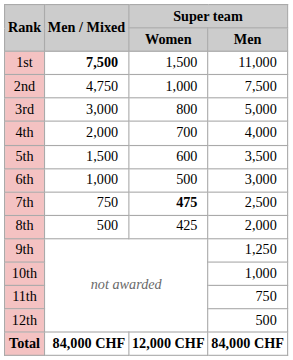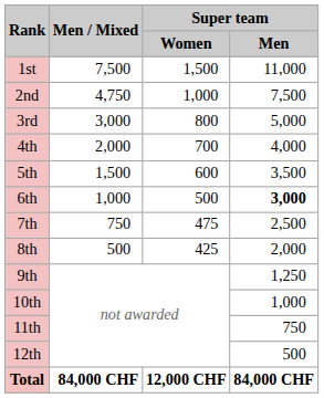 <table class="wikitable" style="background:#fff; font-size:80%">
 <tr style="background:#ccc; text-align:center;">
 <th rowspan="2" style="background:#ccc;">Rank</th>
 <th rowspan="2" style="background:#ccc;">Men / Mixed</th>
 <th colspan="2" style="background:#ccc;">Super team</th>
 </tr>
 <tr style="background:#ccc; text-align:center;">
 <th style="background:#ccc;">Women</th>
 <th style="background:#ccc;">Men</th>
 </tr>
 <tr>
 <td bgcolor=#F4C2C2 align=center>1st</td>
-<td align=right><strong>7,500  </strong></td>
+<td align=right>7,500  </td>
 <td align=right>1,500  </td>
 <td align=right>11,000  </td>
 </tr>
 <tr>
 <td bgcolor=#F4C2C2 align=center>2nd</td>
 <td align=right>4,750  </td>
 <td align=right>1,000  </td>
 <td align=right>7,500   </td>
 </tr>
 <tr>
 <td bgcolor=#F4C2C2 align=center>3rd</td>
 <td align=right>3,000  </td>
 <td align=right>800  </td>
 <td align=right>5,000  </td>
 </tr>
 <tr>
 <td bgcolor=#F4C2C2 align=center>4th</td>
 <td align=right>2,000  </td>
 <td align=right>700  </td>
 <td align=right>4,000  </td>
 </tr>
 <tr>
 <td bgcolor=#F4C2C2 align=center>5th</td>
 <td align=right>1,500  </td>
 <td align=right>600  </td>
 <td align=right>3,500  </td>
 </tr>
 <tr>
 <td bgcolor=#F4C2C2 align=center>6th</td>
 <td align=right>1,000  </td>
 <td align=right>500  </td>
-<td align=right>3,000  </td>
+<td align=right><strong>3,000  </strong></td>
 </tr>
 <tr>
 <td bgcolor=#F4C2C2 align=center>7th</td>
 <td align=right>750  </td>
-<td align=right><strong>475  </strong></td>
+<td align=right>475  </td>
 <td align=right>2,500  </td>
 </tr>
 <tr>
 <td bgcolor=#F4C2C2 align=center>8th</td>
 <td align=right>500  </td>
 <td align=right>425  </td>
 <td align=right>2,000  </td>
 </tr>
 <tr>
 <td bgcolor=#F4C2C2 align=center>9th</td>
 <td align=center rowspan=4 colspan=2 style=color:#696969><em>not awarded</em></td>
 <td align=right>1,250  </td>
 </tr>
 <tr>
 <td bgcolor=#F4C2C2 align=center>10th</td>
 <td align=right>1,000  </td>
 </tr>
 <tr>
 <td bgcolor=#F4C2C2 align=center>11th</td>
 <td align=right>750  </td>
 </tr>
 <tr>
 <td bgcolor=#F4C2C2 align=center>12th</td>
 <td align=right>500  </td>
 </tr>
 <tr>
 <td bgcolor=#F4C2C2 align=center bgcolor=#F0EAD6><strong>Total</strong></td>
 <td align=right><strong>84,000 CHF</strong></td>
 <td align=right><strong>12,000 CHF</strong></td>
 <td align=right><strong>84,000 CHF</strong></td>
 </tr>
 </table>
